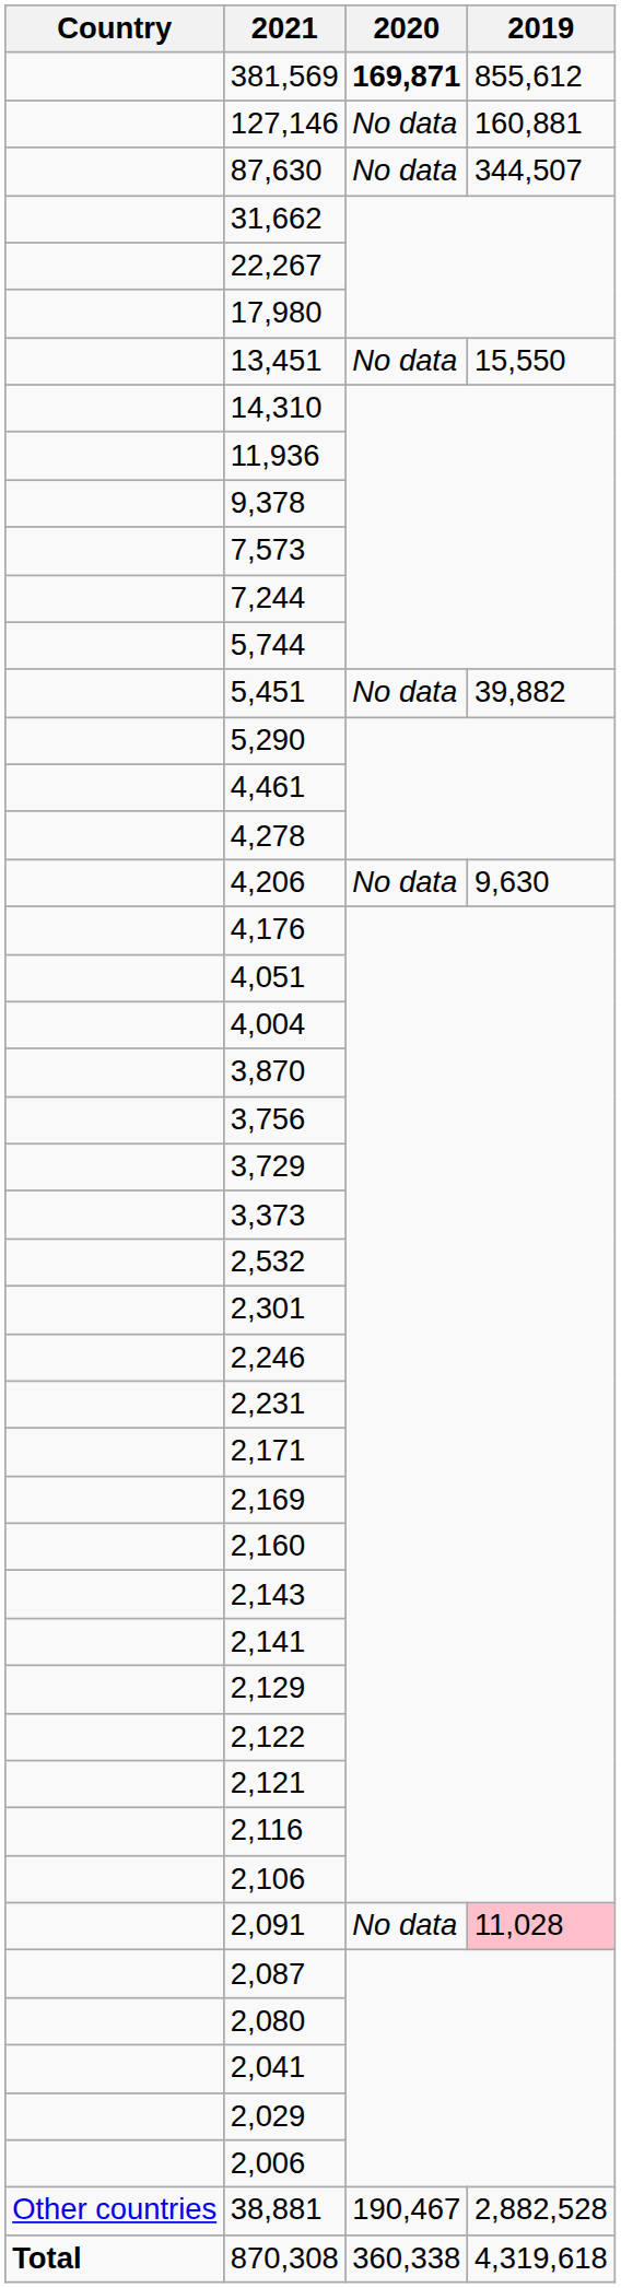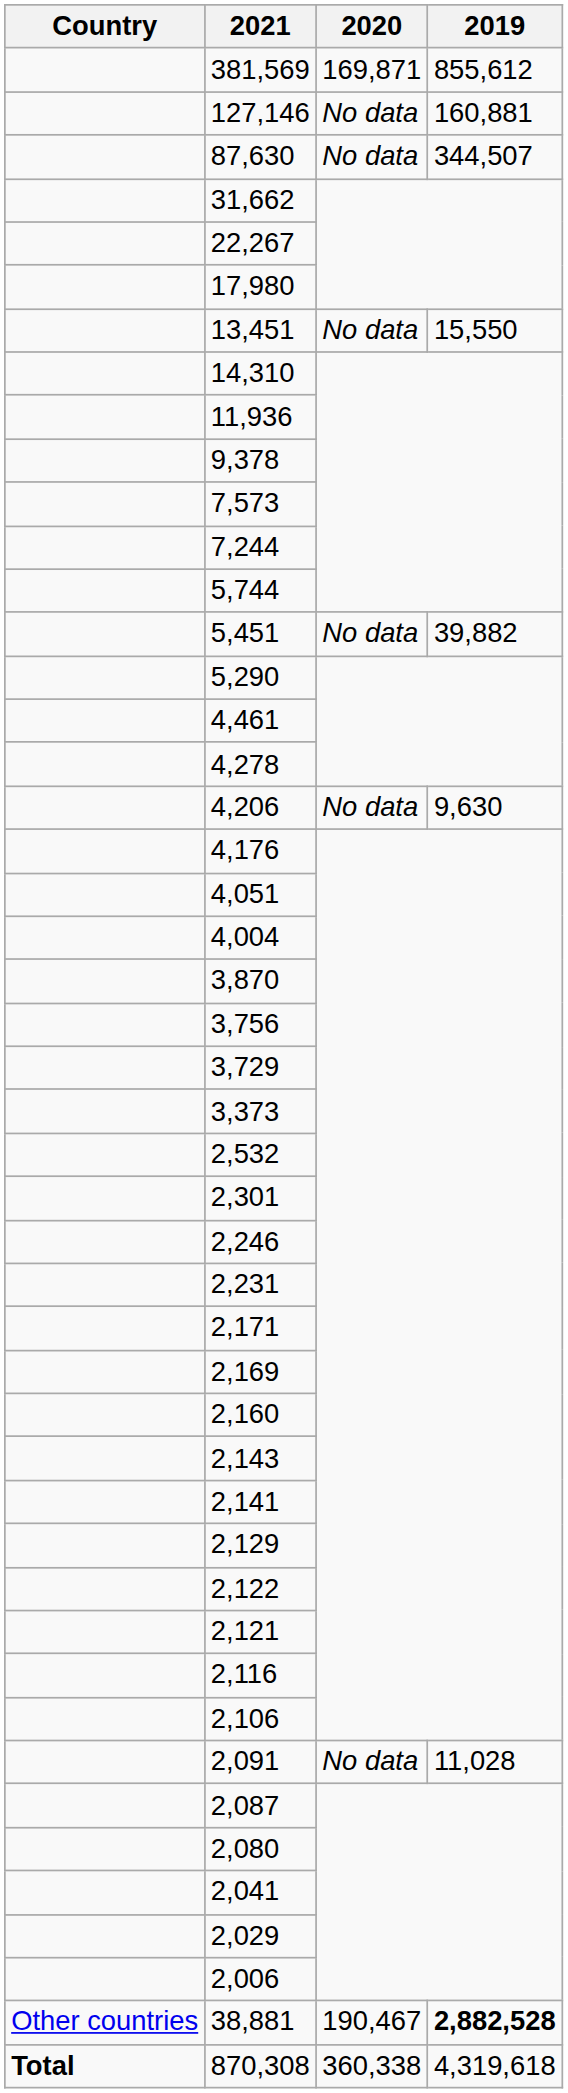 <table class="wikitable">
 <tr>
 <th>Country</th>
 <th>2021</th>
 <th>2020</th>
 <th>2019</th>
 </tr>
 <tr>
 <td></td>
 <td> 381,569</td>
-<td><strong>169,871</strong></td>
+<td>169,871</td>
 <td>855,612</td>
 </tr>
 <tr>
 <td></td>
 <td>127,146</td>
 <td><em>No data</em></td>
 <td>160,881</td>
 </tr>
 <tr>
 <td></td>
 <td>87,630</td>
 <td><em>No data</em></td>
 <td>344,507</td>
 </tr>
 <tr>
 <td></td>
 <td>31,662</td>
 </tr>
 <tr>
 <td></td>
 <td>22,267</td>
 </tr>
 <tr>
 <td></td>
 <td>17,980</td>
 </tr>
 <tr>
 <td></td>
 <td>13,451</td>
 <td><em>No data</em></td>
 <td>15,550</td>
 </tr>
 <tr>
 <td></td>
 <td>14,310</td>
 </tr>
 <tr>
 <td></td>
 <td>11,936</td>
 </tr>
 <tr>
 <td></td>
 <td>9,378</td>
 </tr>
 <tr>
 <td></td>
 <td>7,573</td>
 </tr>
 <tr>
 <td></td>
 <td>7,244</td>
 </tr>
 <tr>
 <td></td>
 <td>5,744</td>
 </tr>
 <tr>
 <td></td>
 <td>5,451</td>
 <td><em>No data</em></td>
 <td>39,882</td>
 </tr>
 <tr>
 <td></td>
 <td>5,290</td>
 </tr>
 <tr>
 <td></td>
 <td>4,461</td>
 </tr>
 <tr>
 <td></td>
 <td>4,278</td>
 </tr>
 <tr>
 <td></td>
 <td>4,206</td>
 <td><em>No data</em></td>
 <td>9,630</td>
 </tr>
 <tr>
 <td></td>
 <td>4,176</td>
 </tr>
 <tr>
 <td></td>
 <td>4,051</td>
 </tr>
 <tr>
 <td></td>
 <td>4,004</td>
 </tr>
 <tr>
 <td></td>
 <td>3,870</td>
 </tr>
 <tr>
 <td></td>
 <td>3,756</td>
 </tr>
 <tr>
 <td></td>
 <td>3,729</td>
 </tr>
 <tr>
 <td></td>
 <td>3,373</td>
 </tr>
 <tr>
 <td></td>
 <td>2,532</td>
 </tr>
 <tr>
 <td></td>
 <td>2,301</td>
 </tr>
 <tr>
 <td></td>
 <td>2,246</td>
 </tr>
 <tr>
 <td></td>
 <td>2,231</td>
 </tr>
 <tr>
 <td></td>
 <td>2,171</td>
 </tr>
 <tr>
 <td></td>
 <td>2,169</td>
 </tr>
 <tr>
 <td></td>
 <td>2,160</td>
 </tr>
 <tr>
 <td></td>
 <td>2,143</td>
 </tr>
 <tr>
 <td></td>
 <td>2,141</td>
 </tr>
 <tr>
 <td></td>
 <td>2,129</td>
 </tr>
 <tr>
 <td></td>
 <td>2,122</td>
 </tr>
 <tr>
 <td></td>
 <td>2,121</td>
 </tr>
 <tr>
 <td></td>
 <td>2,116</td>
 </tr>
 <tr>
 <td></td>
 <td>2,106</td>
 </tr>
 <tr>
 <td></td>
 <td>2,091</td>
 <td><em>No data</em></td>
-<td style="background: pink;">11,028</td>
+<td>11,028</td>
 </tr>
 <tr>
 <td></td>
 <td>2,087</td>
 </tr>
 <tr>
 <td></td>
 <td>2,080</td>
 </tr>
 <tr>
 <td></td>
 <td>2,041</td>
 </tr>
 <tr>
 <td></td>
 <td>2,029</td>
 </tr>
 <tr>
 <td></td>
 <td>2,006</td>
 </tr>
 <tr>
 <td> <a href='#'>Other countries</a></td>
 <td>38,881</td>
 <td>190,467</td>
-<td>2,882,528</td>
+<td><strong>2,882,528</strong></td>
 </tr>
 <tr>
 <td><strong>Total</strong></td>
 <td> 870,308</td>
 <td> 360,338</td>
 <td>4,319,618</td>
 </tr>
 </table>
